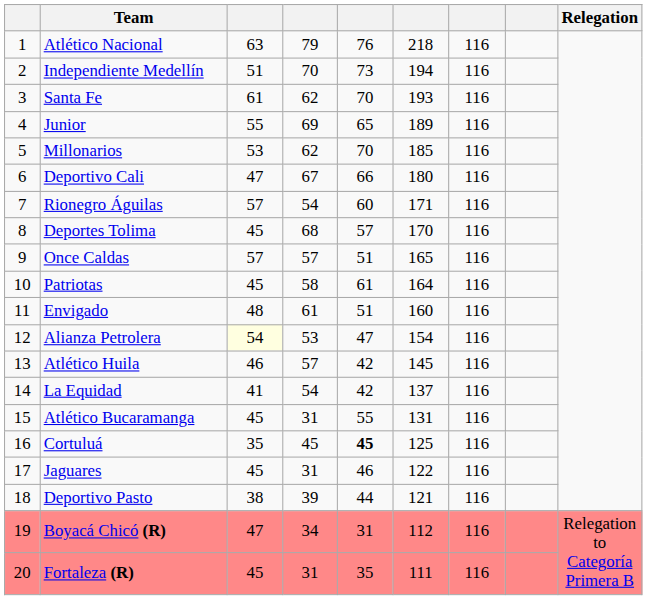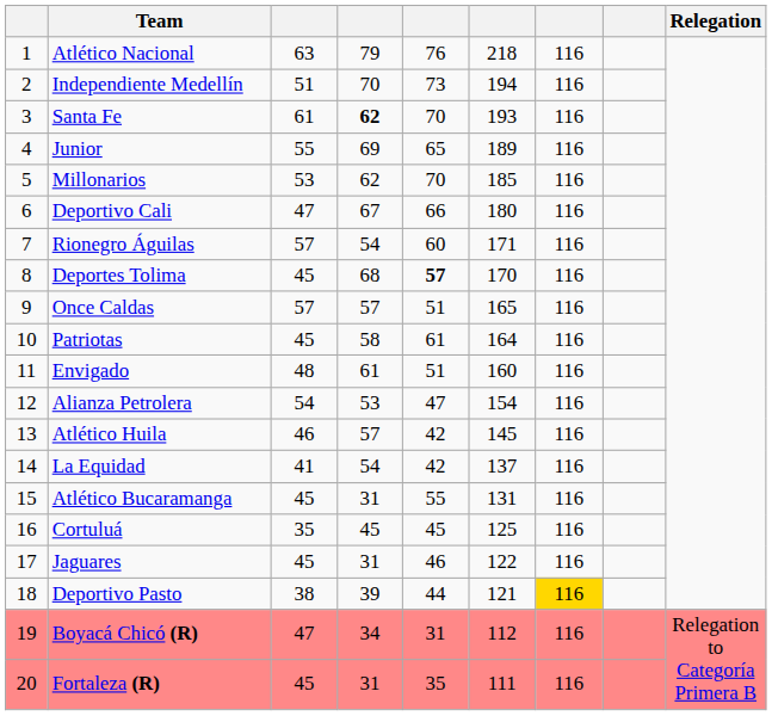 <table class="wikitable" style="text-align: center;">
 <tr>
 <th width=28><br></th>
 <th width=185>Team</th>
 <th width=50></th>
 <th width=50></th>
 <th width=50></th>
 <th width=50></th>
 <th width=50></th>
 <th width=50><br></th>
 <th>Relegation</th>
 </tr>
 <tr>
 <td>1</td>
 <td align="left"><a href='#'>Atlético Nacional</a></td>
 <td>63</td>
 <td>79</td>
 <td>76</td>
 <td>218</td>
 <td>116</td>
 <td><strong></strong></td>
 </tr>
 <tr>
 <td>2</td>
 <td align="left"><a href='#'>Independiente Medellín</a></td>
 <td>51</td>
 <td>70</td>
 <td>73</td>
 <td>194</td>
 <td>116</td>
 <td><strong></strong></td>
 </tr>
 <tr>
 <td>3</td>
 <td align="left"><a href='#'>Santa Fe</a></td>
 <td>61</td>
-<td>62</td>
+<td><strong>62</strong></td>
 <td>70</td>
 <td>193</td>
 <td>116</td>
 <td><strong></strong></td>
 </tr>
 <tr>
 <td>4</td>
 <td align="left"><a href='#'>Junior</a></td>
 <td>55</td>
 <td>69</td>
 <td>65</td>
 <td>189</td>
 <td>116</td>
 <td><strong></strong></td>
 </tr>
 <tr>
 <td>5</td>
 <td align="left"><a href='#'>Millonarios</a></td>
 <td>53</td>
 <td>62</td>
 <td>70</td>
 <td>185</td>
 <td>116</td>
 <td><strong></strong></td>
 </tr>
 <tr>
 <td>6</td>
 <td align="left"><a href='#'>Deportivo Cali</a></td>
 <td>47</td>
 <td>67</td>
 <td>66</td>
 <td>180</td>
 <td>116</td>
 <td><strong></strong></td>
 </tr>
 <tr>
 <td>7</td>
 <td align="left"><a href='#'>Rionegro Águilas</a></td>
 <td>57</td>
 <td>54</td>
 <td>60</td>
 <td>171</td>
 <td>116</td>
 <td><strong></strong></td>
 </tr>
 <tr>
 <td>8</td>
 <td align="left"><a href='#'>Deportes Tolima</a></td>
 <td>45</td>
 <td>68</td>
-<td>57</td>
+<td><strong>57</strong></td>
 <td>170</td>
 <td>116</td>
 <td><strong></strong></td>
 </tr>
 <tr>
 <td>9</td>
 <td align="left"><a href='#'>Once Caldas</a></td>
 <td>57</td>
 <td>57</td>
 <td>51</td>
 <td>165</td>
 <td>116</td>
 <td><strong></strong></td>
 </tr>
 <tr>
 <td>10</td>
 <td align="left"><a href='#'>Patriotas</a></td>
 <td>45</td>
 <td>58</td>
 <td>61</td>
 <td>164</td>
 <td>116</td>
 <td><strong></strong></td>
 </tr>
 <tr>
 <td>11</td>
 <td align="left"><a href='#'>Envigado</a></td>
 <td>48</td>
 <td>61</td>
 <td>51</td>
 <td>160</td>
 <td>116</td>
 <td><strong></strong></td>
 </tr>
 <tr>
 <td>12</td>
 <td align="left"><a href='#'>Alianza Petrolera</a></td>
-<td style="background: lightyellow;">54</td>
+<td>54</td>
 <td>53</td>
 <td>47</td>
 <td>154</td>
 <td>116</td>
 <td><strong></strong></td>
 </tr>
 <tr>
 <td>13</td>
 <td align="left"><a href='#'>Atlético Huila</a></td>
 <td>46</td>
 <td>57</td>
 <td>42</td>
 <td>145</td>
 <td>116</td>
 <td><strong></strong></td>
 </tr>
 <tr>
 <td>14</td>
 <td align="left"><a href='#'>La Equidad</a></td>
 <td>41</td>
 <td>54</td>
 <td>42</td>
 <td>137</td>
 <td>116</td>
 <td><strong></strong></td>
 </tr>
 <tr>
 <td>15</td>
 <td align="left"><a href='#'>Atlético Bucaramanga</a></td>
 <td>45</td>
 <td>31</td>
 <td>55</td>
 <td>131</td>
 <td>116</td>
 <td><strong></strong></td>
 </tr>
 <tr>
 <td>16</td>
 <td align="left"><a href='#'>Cortuluá</a></td>
 <td>35</td>
 <td>45</td>
-<td><strong>45</strong></td>
+<td>45</td>
 <td>125</td>
 <td>116</td>
 <td><strong></strong></td>
 </tr>
 <tr>
 <td>17</td>
 <td align="left"><a href='#'>Jaguares</a></td>
 <td>45</td>
 <td>31</td>
 <td>46</td>
 <td>122</td>
 <td>116</td>
 <td><strong></strong></td>
 </tr>
 <tr>
 <td>18</td>
 <td align="left"><a href='#'>Deportivo Pasto</a></td>
 <td>38</td>
 <td>39</td>
 <td>44</td>
 <td>121</td>
-<td>116</td>
+<td style="background: gold;">116</td>
 <td><strong></strong></td>
 </tr>
 <tr bgcolor=#FF8888>
 <td>19</td>
 <td align="left"><a href='#'>Boyacá Chicó</a> <strong>(R)</strong></td>
 <td>47</td>
 <td>34</td>
 <td>31</td>
 <td>112</td>
 <td>116</td>
 <td><strong></strong></td>
 <td rowspan=2>Relegation to <a href='#'>Categoría Primera B</a></td>
 </tr>
 <tr bgcolor=#FF8888>
 <td>20</td>
 <td align="left"><a href='#'>Fortaleza</a> <strong>(R)</strong></td>
 <td>45</td>
 <td>31</td>
 <td>35</td>
 <td>111</td>
 <td>116</td>
 <td><strong></strong></td>
 </tr>
 </table>
